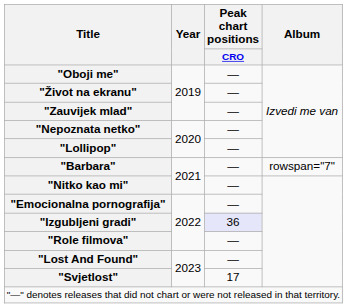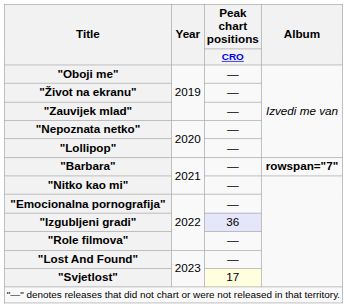 <table class="wikitable plainrowheaders" style="text-align:center;">
 <tr>
 <th scope="col" rowspan="2">Title</th>
 <th scope="col" rowspan="2">Year</th>
 <th scope="col" colspan="1">Peak chart positions</th>
 <th scope="col" rowspan="2">Album</th>
 </tr>
 <tr>
 <th scope="col" style="width:3em; font-size:85%;"><a href='#'>CRO</a><br></th>
 </tr>
 <tr>
 <th scope="row">"Oboji me"</th>
 <td rowspan="3">2019</td>
 <td>—</td>
 <td rowspan="5"><em>Izvedi me van</em></td>
 </tr>
 <tr>
 <th scope="row">"Život na ekranu"</th>
 <td>—</td>
 </tr>
 <tr>
 <th scope="row">"Zauvijek mlad"</th>
 <td>—</td>
 </tr>
 <tr>
 <th scope="row">"Nepoznata netko"</th>
 <td rowspan="2">2020</td>
 <td>—</td>
 </tr>
 <tr>
 <th scope="row">"Lollipop"</th>
 <td>—</td>
 </tr>
 <tr>
 <th scope="row">"Barbara"</th>
 <td rowspan="2">2021</td>
 <td>—</td>
-<td>rowspan="7" </td>
+<td><strong>rowspan="7" </strong></td>
 </tr>
 <tr>
 <th scope="row">"Nitko kao mi"</th>
 <td>—</td>
 </tr>
 <tr>
 <th scope="row">"Emocionalna pornografija"</th>
 <td rowspan="3">2022</td>
 <td>—</td>
 </tr>
 <tr>
 <th scope="row">"Izgubljeni gradi"</th>
 <td style="background: lavender;">36</td>
 </tr>
 <tr>
 <th scope="row">"Role filmova"</th>
 <td>—</td>
 </tr>
 <tr>
 <th scope="row">"Lost And Found"</th>
 <td rowspan="2">2023</td>
 <td>—</td>
 </tr>
 <tr>
 <th scope="row">"Svjetlost"</th>
-<td>17</td>
+<td style="background: lightyellow;">17</td>
 </tr>
 <tr>
 <td colspan="22" style="text-align:center; font-size:85%;">"—" denotes releases that did not chart or were not released in that territory.</td>
 </tr>
 </table>
